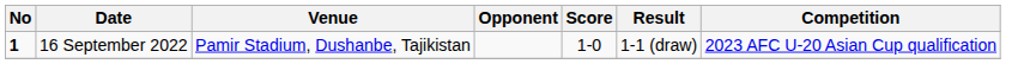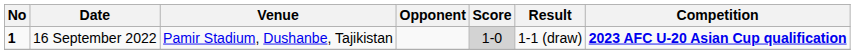 <table class="wikitable" style="font-size:100%;">
 <tr>
 <th>No</th>
 <th>Date</th>
 <th>Venue</th>
 <th>Opponent</th>
 <th>Score</th>
 <th>Result</th>
 <th>Competition</th>
 </tr>
 <tr>
 <td><strong>1</strong></td>
 <td>16 September 2022</td>
 <td><a href='#'>Pamir Stadium</a>, <a href='#'>Dushanbe</a>, Tajikistan</td>
 <td></td>
-<td align="center">1-0</td>
+<td align="center" style="background: lightgrey;">1-0</td>
 <td align="center">1-1 (draw)</td>
-<td><a href='#'>2023 AFC U-20 Asian Cup qualification</a></td>
+<td><strong><a href='#'>2023 AFC U-20 Asian Cup qualification</a></strong></td>
 </tr>
 <tr>
 </tr>
 </table>
